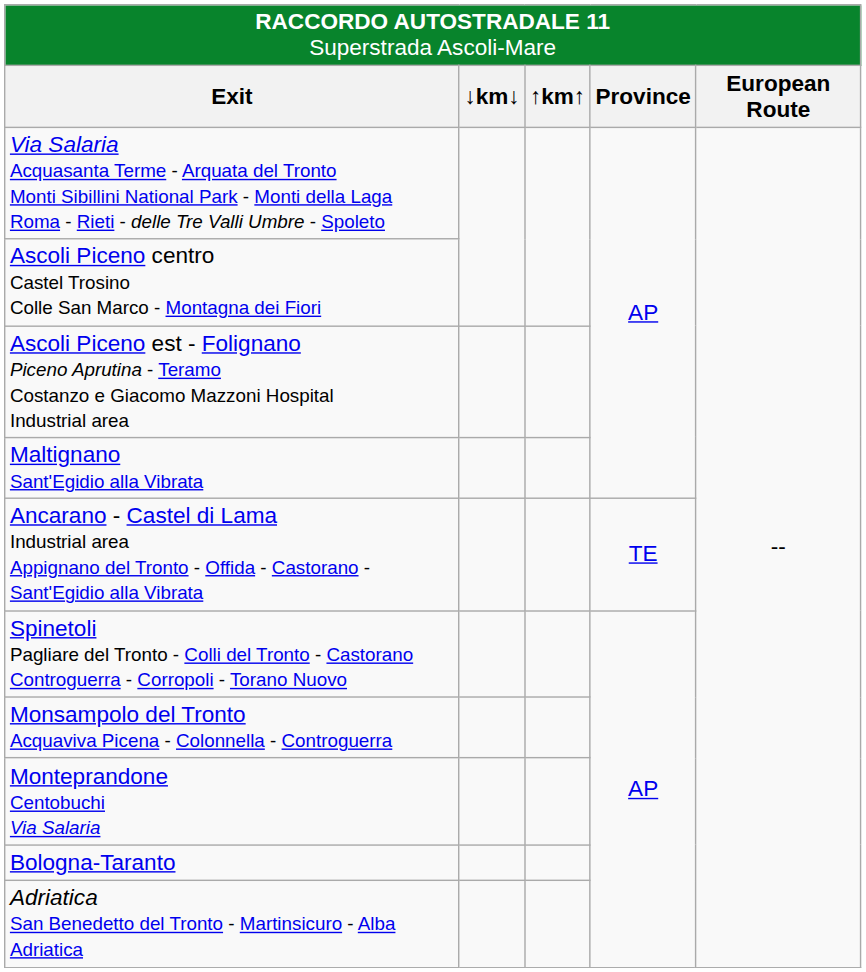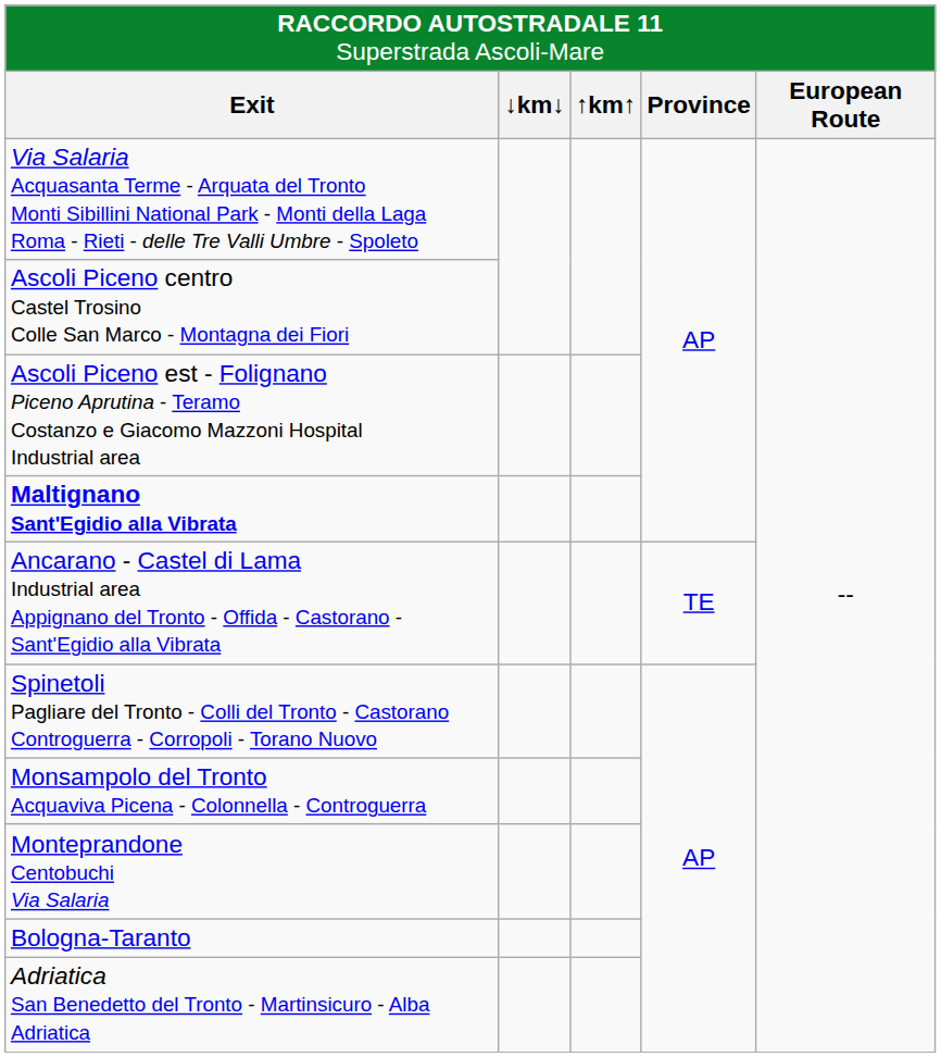 <table class="wikitable" border="1">
 <tr align="center" bgcolor="08842C" style="color: white;font-size:100%;">
 <td colspan="6"><strong> RACCORDO AUTOSTRADALE 11</strong><br>Superstrada Ascoli-Mare</td>
 </tr>
 <tr>
 <th style="text-align:center;"><strong>Exit</strong></th>
 <th style="text-align:center;"><strong>↓km↓</strong></th>
 <th style="text-align:center;"><strong>↑km↑</strong></th>
 <th align="center"><strong>Province</strong></th>
 <th align="center"><strong>European Route</strong></th>
 </tr>
 <tr>
 <td>   <em><a href='#'>Via Salaria</a></em><br><small><a href='#'>Acquasanta Terme</a> - <a href='#'>Arquata del Tronto</a><br> <a href='#'>Monti Sibillini National Park</a> - <a href='#'>Monti della Laga</a><br><a href='#'>Roma</a> - <a href='#'>Rieti</a> -  <em>delle Tre Valli Umbre</em> - <a href='#'>Spoleto</a></small></td>
 <td rowspan="2" align="right"></td>
 <td rowspan="2" align="right"></td>
 <td align="center" rowspan=4><a href='#'>AP</a></td>
 <td align="center" rowspan=10>--</td>
 </tr>
 <tr>
 <td>  <a href='#'>Ascoli Piceno</a> centro<br><small>Castel Trosino<br> Colle San Marco - <a href='#'>Montagna dei Fiori</a></small></td>
 </tr>
 <tr>
 <td> <a href='#'>Ascoli Piceno</a> est - <a href='#'>Folignano</a><br><small> <em>Piceno Aprutina</em> - <a href='#'>Teramo</a><br> Costanzo e Giacomo Mazzoni Hospital<br> Industrial area</small></td>
 <td align="right"></td>
 <td align="right"></td>
 </tr>
 <tr>
-<td> <a href='#'>Maltignano</a><br><small><a href='#'>Sant'Egidio alla Vibrata</a> </small></td>
+<td><strong> <a href='#'>Maltignano</a><br><small><a href='#'>Sant'Egidio alla Vibrata</a> </small></strong></td>
 <td align="right"></td>
 <td align="right"></td>
 </tr>
 <tr>
 <td> <a href='#'>Ancarano</a> - <a href='#'>Castel di Lama</a><br><small> Industrial area<br><a href='#'>Appignano del Tronto</a> - <a href='#'>Offida</a> - <a href='#'>Castorano</a> - <a href='#'>Sant'Egidio alla Vibrata</a></small></td>
 <td align="right"></td>
 <td align="right"></td>
 <td align="center"><a href='#'>TE</a></td>
 </tr>
 <tr>
 <td> <a href='#'>Spinetoli</a><br><small>Pagliare del Tronto - <a href='#'>Colli del Tronto</a> - <a href='#'>Castorano</a><br><a href='#'>Controguerra</a> - <a href='#'>Corropoli</a> - <a href='#'>Torano Nuovo</a></small></td>
 <td align="right"></td>
 <td align="right"></td>
 <td align="center" rowspan=5><a href='#'>AP</a></td>
 </tr>
 <tr>
 <td> <a href='#'>Monsampolo del Tronto</a><br><small><a href='#'>Acquaviva Picena</a> - <a href='#'>Colonnella</a> - <a href='#'>Controguerra</a></small></td>
 <td align="right"></td>
 <td align="right"></td>
 </tr>
 <tr>
 <td> <a href='#'>Monteprandone</a><br><small><a href='#'>Centobuchi</a><br> <em><a href='#'>Via Salaria</a></em></small></td>
 <td align="right"></td>
 <td align="right"></td>
 </tr>
 <tr>
 <td>   <a href='#'>Bologna-Taranto</a></td>
 <td align="right"></td>
 <td align="right"></td>
 </tr>
 <tr>
 <td>   <em>Adriatica</em><br><small><a href='#'>San Benedetto del Tronto</a> - <a href='#'>Martinsicuro</a> - <a href='#'>Alba Adriatica</a></small></td>
 <td align="right"></td>
 <td align="right"></td>
 </tr>
 </table>
